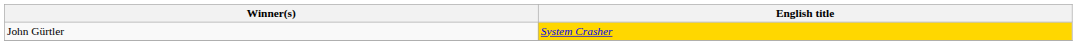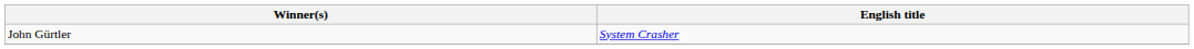 <table class="wikitable" width="95%" cellpadding="5">
 <tr>
 <th width="18%">Winner(s)</th>
 <th width="18%">English title</th>
 </tr>
 <tr>
 <td>  John Gürtler</td>
-<td style="background: gold;"><em><a href='#'>System Crasher</a></em></td>
+<td><em><a href='#'>System Crasher</a></em></td>
 </tr>
 <tr>
 </tr>
 </table>
